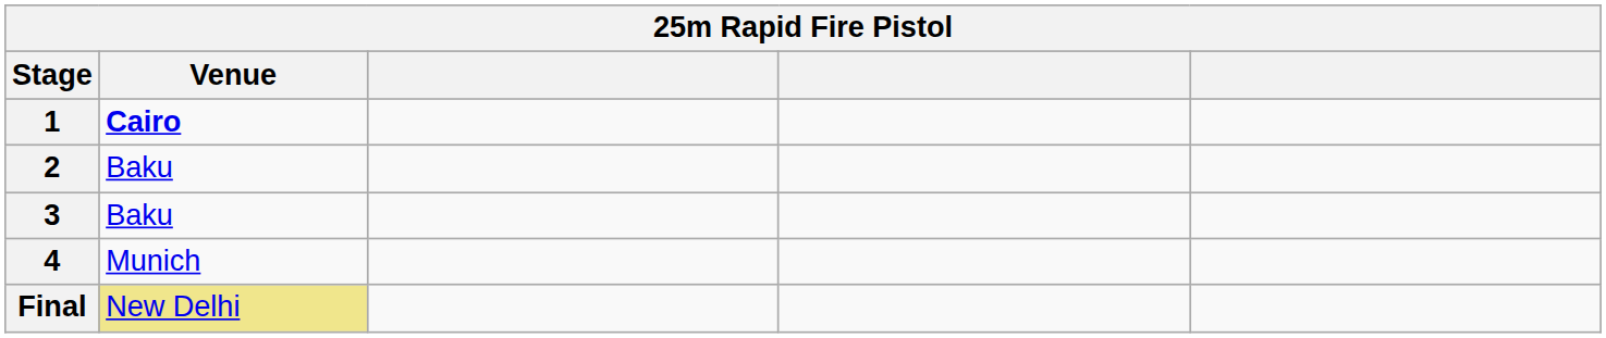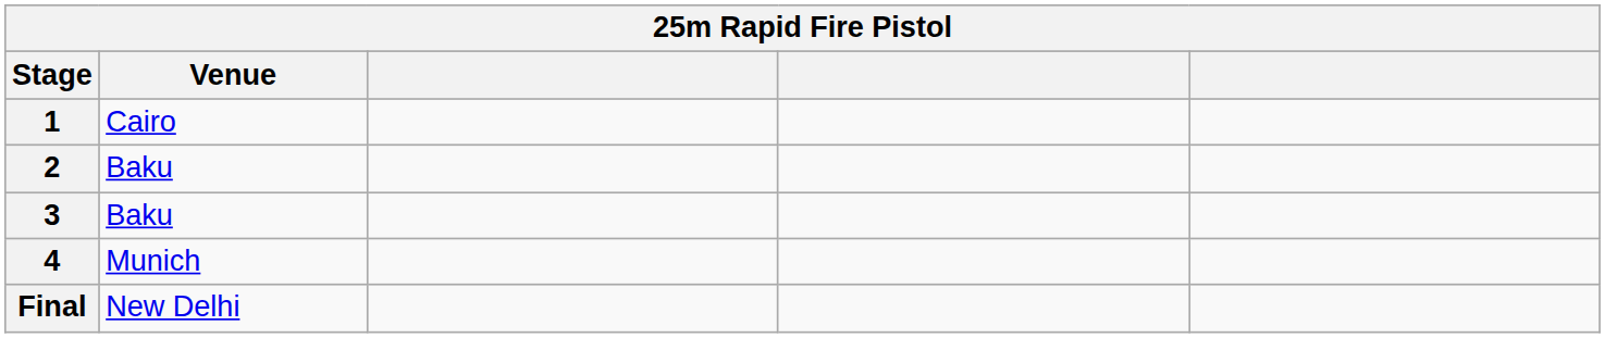 <table class="wikitable">
 <tr>
 <th colspan="5">25m Rapid Fire Pistol</th>
 </tr>
 <tr>
 <th>Stage</th>
 <th width=140>Venue</th>
 <th width=220></th>
 <th width=220></th>
 <th width=220></th>
 </tr>
 <tr>
 <th>1</th>
-<td><strong> <a href='#'>Cairo</a></strong></td>
+<td> <a href='#'>Cairo</a></td>
 <td></td>
 <td></td>
 <td></td>
 </tr>
 <tr>
 <th>2</th>
 <td> <a href='#'>Baku</a></td>
 <td></td>
 <td></td>
 <td></td>
 </tr>
 <tr>
 <th>3</th>
 <td> <a href='#'>Baku</a></td>
 <td></td>
 <td></td>
 <td></td>
 </tr>
 <tr>
 <th>4</th>
 <td> <a href='#'>Munich</a></td>
 <td></td>
 <td></td>
 <td></td>
 </tr>
 <tr>
 <th>Final</th>
-<td style="background: khaki;"> <a href='#'>New Delhi</a></td>
+<td> <a href='#'>New Delhi</a></td>
 <td></td>
 <td></td>
 <td></td>
 </tr>
 </table>
